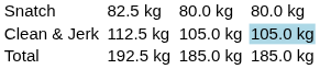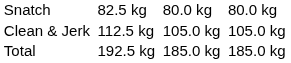 <table>
 <tr>
 <td>Snatch</td>
 <td></td>
 <td>82.5 kg</td>
 <td></td>
 <td>80.0 kg</td>
 <td></td>
 <td>80.0 kg</td>
 </tr>
 <tr>
 <td>Clean & Jerk</td>
 <td></td>
 <td>112.5 kg</td>
 <td></td>
 <td>105.0 kg</td>
 <td></td>
-<td style="background: lightblue;">105.0 kg</td>
+<td>105.0 kg</td>
 </tr>
 <tr>
 <td>Total</td>
 <td></td>
 <td>192.5 kg</td>
 <td></td>
 <td>185.0 kg</td>
 <td></td>
 <td>185.0 kg</td>
 </tr>
 </table>
